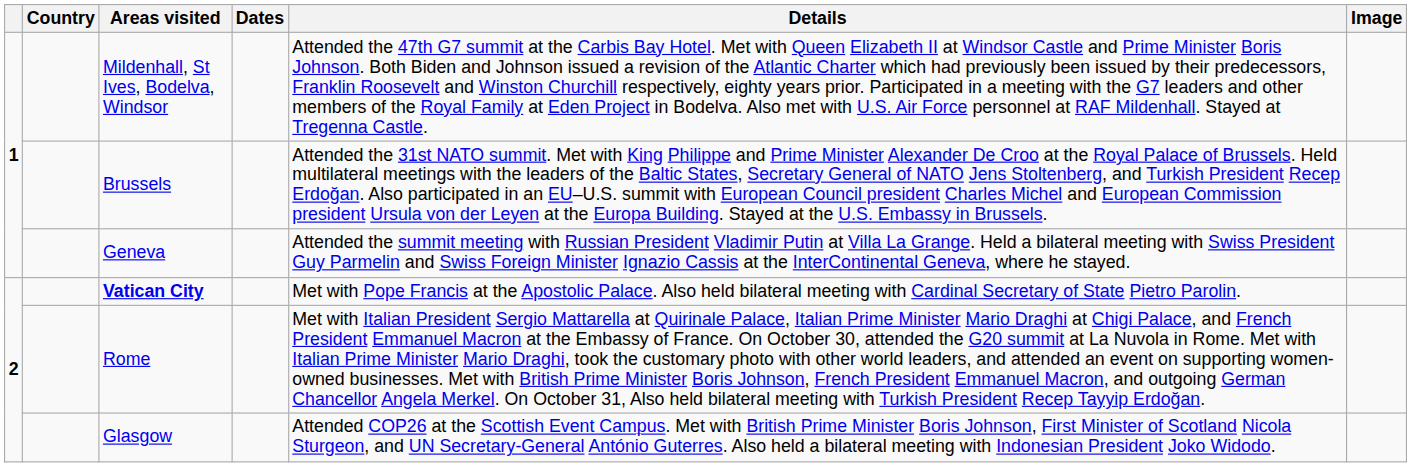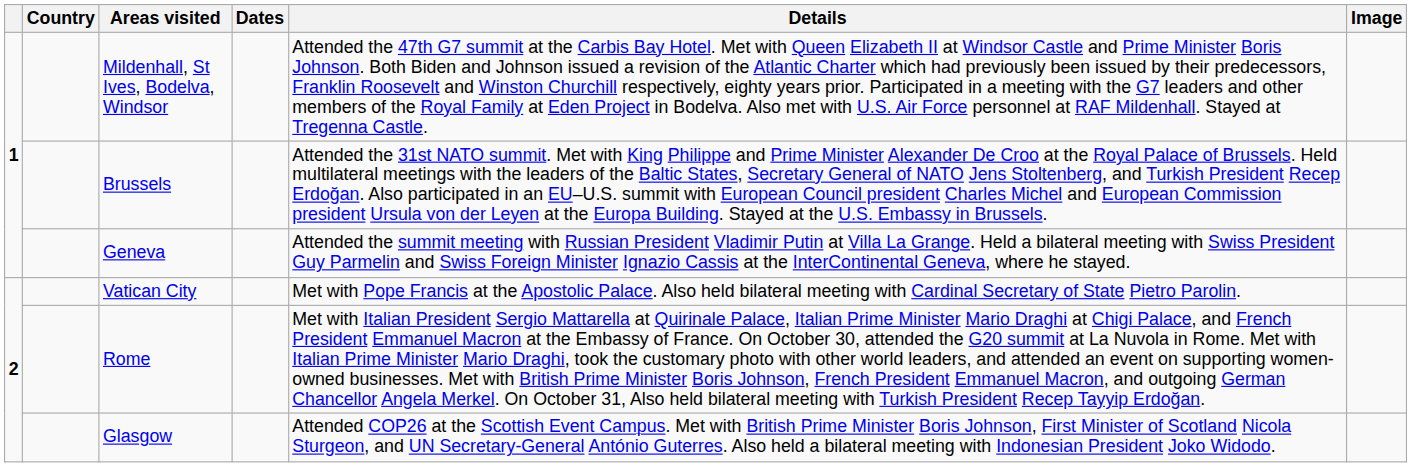 <table class="wikitable sortable" style="margin: 1em auto 1em auto">
 <tr>
 <th></th>
 <th>Country</th>
 <th>Areas visited</th>
 <th>Dates</th>
 <th class="unsortable">Details</th>
 <th class="unsortable">Image</th>
 </tr>
 <tr>
 <td rowspan=3><strong>1</strong></td>
 <td></td>
 <td><a href='#'>Mildenhall</a>, <a href='#'>St Ives</a>, <a href='#'>Bodelva</a>, <a href='#'>Windsor</a></td>
 <td></td>
 <td>Attended the <a href='#'>47th G7 summit</a> at the <a href='#'>Carbis Bay Hotel</a>. Met with <a href='#'>Queen</a> <a href='#'>Elizabeth II</a> at <a href='#'>Windsor Castle</a> and <a href='#'>Prime Minister</a> <a href='#'>Boris Johnson</a>. Both Biden and Johnson issued a revision of the <a href='#'>Atlantic Charter</a> which had previously been issued by their predecessors, <a href='#'>Franklin Roosevelt</a> and <a href='#'>Winston Churchill</a> respectively, eighty years prior. Participated in a meeting with the <a href='#'>G7</a> leaders and other members of the <a href='#'>Royal Family</a> at <a href='#'>Eden Project</a> in Bodelva. Also met with <a href='#'>U.S. Air Force</a> personnel at <a href='#'>RAF Mildenhall</a>. Stayed at <a href='#'>Tregenna Castle</a>.</td>
 <td></td>
 </tr>
 <tr>
 <td></td>
 <td><a href='#'>Brussels</a></td>
 <td></td>
 <td>Attended the <a href='#'>31st NATO summit</a>. Met with <a href='#'>King</a> <a href='#'>Philippe</a> and <a href='#'>Prime Minister</a> <a href='#'>Alexander De Croo</a> at the <a href='#'>Royal Palace of Brussels</a>. Held multilateral meetings with the leaders of the <a href='#'>Baltic States</a>, <a href='#'>Secretary General of NATO</a> <a href='#'>Jens Stoltenberg</a>, and <a href='#'>Turkish President</a> <a href='#'>Recep Erdoğan</a>. Also participated in an <a href='#'>EU</a>–U.S. summit with <a href='#'>European Council president</a> <a href='#'>Charles Michel</a> and <a href='#'>European Commission president</a> <a href='#'>Ursula von der Leyen</a> at the <a href='#'>Europa Building</a>. Stayed at the <a href='#'>U.S. Embassy in Brussels</a>.</td>
 <td></td>
 </tr>
 <tr>
 <td></td>
 <td><a href='#'>Geneva</a></td>
 <td></td>
 <td>Attended the <a href='#'>summit meeting</a> with <a href='#'>Russian President</a> <a href='#'>Vladimir Putin</a> at <a href='#'>Villa La Grange</a>. Held a bilateral meeting with <a href='#'>Swiss President</a> <a href='#'>Guy Parmelin</a> and <a href='#'>Swiss Foreign Minister</a> <a href='#'>Ignazio Cassis</a> at the <a href='#'>InterContinental Geneva</a>, where he stayed.</td>
 <td></td>
 </tr>
 <tr>
 <td rowspan="3"><strong>2</strong></td>
 <td></td>
-<td><strong><a href='#'>Vatican City</a></strong></td>
+<td><a href='#'>Vatican City</a></td>
 <td></td>
 <td>Met with <a href='#'>Pope Francis</a> at the <a href='#'>Apostolic Palace</a>. Also held bilateral meeting with <a href='#'>Cardinal Secretary of State</a> <a href='#'>Pietro Parolin</a>.</td>
 <td></td>
 </tr>
 <tr>
 <td></td>
 <td><a href='#'>Rome</a></td>
 <td></td>
 <td>Met with <a href='#'>Italian President</a> <a href='#'>Sergio Mattarella</a> at <a href='#'>Quirinale Palace</a>, <a href='#'>Italian Prime Minister</a> <a href='#'>Mario Draghi</a> at <a href='#'>Chigi Palace</a>, and <a href='#'>French President</a> <a href='#'>Emmanuel Macron</a> at the Embassy of France. On October 30, attended the <a href='#'>G20 summit</a> at La Nuvola in Rome. Met with <a href='#'>Italian Prime Minister</a> <a href='#'>Mario Draghi</a>, took the customary photo with other world leaders, and attended an event on supporting women-owned businesses. Met with <a href='#'>British Prime Minister</a> <a href='#'>Boris Johnson</a>, <a href='#'>French President</a> <a href='#'>Emmanuel Macron</a>, and outgoing <a href='#'>German Chancellor</a> <a href='#'>Angela Merkel</a>. On October 31, Also held bilateral meeting with <a href='#'>Turkish President</a> <a href='#'>Recep Tayyip Erdoğan</a>.</td>
 <td></td>
 </tr>
 <tr>
 <td></td>
 <td><a href='#'>Glasgow</a></td>
 <td></td>
 <td>Attended <a href='#'>COP26</a> at the <a href='#'>Scottish Event Campus</a>. Met with <a href='#'>British Prime Minister</a> <a href='#'>Boris Johnson</a>, <a href='#'>First Minister of Scotland</a> <a href='#'>Nicola Sturgeon</a>, and <a href='#'>UN Secretary-General</a> <a href='#'>António Guterres</a>. Also held a bilateral meeting with <a href='#'>Indonesian President</a> <a href='#'>Joko Widodo</a>.</td>
 <td></td>
 </tr>
 </table>
